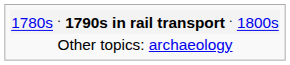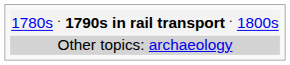 <table class="infobox">
 <tr style="background:#f3f3f3;">
 <td style="text-align:center;"><a href='#'>1780s</a> <sup>.</sup> <strong>1790s in rail transport</strong> <sup>.</sup> <a href='#'>1800s</a></td>
 </tr>
 <tr>
-<td style="text-align:center;">Other topics: <a href='#'>archaeology</a></td>
+<td style="background: lightgrey; text-align:center;">Other topics: <a href='#'>archaeology</a></td>
 </tr>
 </table>
